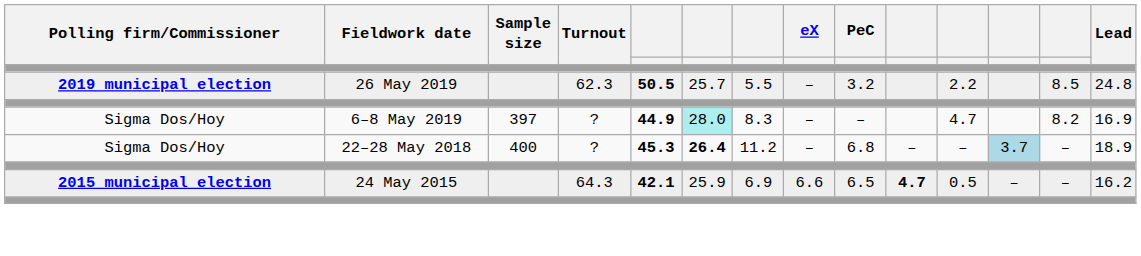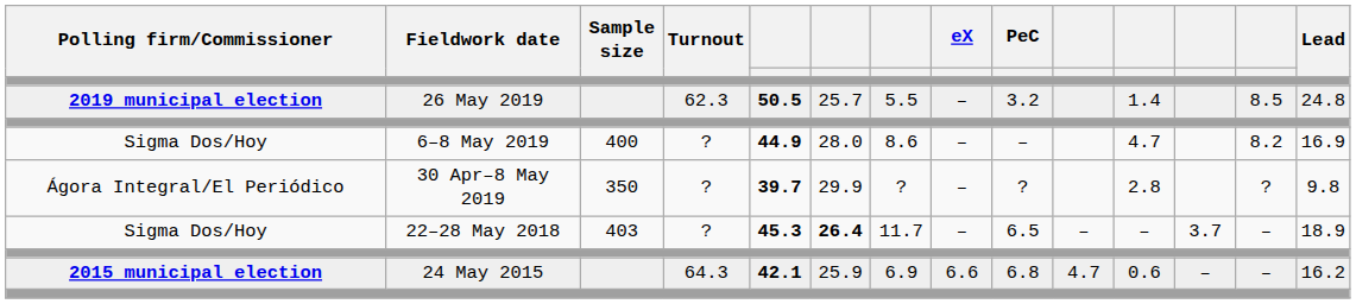 <table class="wikitable collapsible collapsed" style="text-align:center; font-size:95%; line-height:16px;">
 <tr style="height:42px;">
 <th style="width:250px;" rowspan="2">Polling firm/Commissioner</th>
 <th style="width:125px;" rowspan="2">Fieldwork date</th>
 <th style="width:50px;" rowspan="2">Sample size</th>
 <th style="width:45px;" rowspan="2">Turnout</th>
 <th style="width:35px;"></th>
 <th style="width:35px;"></th>
 <th style="width:35px;"></th>
 <th style="width:35px;"><a href='#'>eX</a></th>
 <th style="width:35px;">PeC</th>
 <th style="width:35px;"></th>
 <th style="width:35px;"></th>
 <th style="width:35px;"></th>
 <th style="width:35px;"></th>
 <th style="width:30px;" rowspan="2">Lead</th>
 </tr>
 <tr>
 <th style="color:inherit;background:"></th>
 <th style="color:inherit;background:"></th>
 <th style="color:inherit;background:"></th>
 <th style="color:inherit;background:"></th>
 <th style="color:inherit;background:"></th>
 <th style="color:inherit;background:"></th>
 <th style="color:inherit;background:"></th>
 <th style="color:inherit;background:"></th>
 <th style="color:inherit;background:"></th>
 </tr>
 <tr>
 <td colspan="14" style="background:#A0A0A0"></td>
 </tr>
 <tr style="background:#EFEFEF;">
 <td><strong><a href='#'>2019 municipal election</a></strong></td>
 <td>26 May 2019</td>
 <td></td>
 <td>62.3</td>
 <td><strong>50.5</strong><br></td>
 <td>25.7<br></td>
 <td>5.5<br></td>
 <td>–</td>
 <td>3.2<br></td>
 <td></td>
-<td>2.2<br></td>
+<td>1.4<br></td>
 <td></td>
 <td>8.5<br></td>
 <td style="background:">24.8</td>
 </tr>
 <tr>
 <td colspan="14" style="background:#A0A0A0"></td>
 </tr>
 <tr>
 <td>Sigma Dos/Hoy</td>
 <td>6–8 May 2019</td>
-<td>397</td>
+<td>400</td>
 <td>?</td>
 <td><strong>44.9</strong><br></td>
-<td style="background: paleturquoise;">28.0<br></td>
-<td>8.3<br></td>
+<td>28.0<br></td>
+<td>8.6<br></td>
 <td>–</td>
 <td>–</td>
 <td></td>
 <td>4.7<br></td>
 <td></td>
 <td>8.2<br></td>
 <td style="background:">16.9</td>
 </tr>
 <tr>
+<td>Ágora Integral/El Periódico</td>
+<td>30 Apr–8 May 2019</td>
+<td>350</td>
+<td>?</td>
+<td><strong>39.7</strong><br></td>
+<td>29.9<br></td>
+<td>?<br></td>
+<td>–</td>
+<td>?<br></td>
+<td></td>
+<td>2.8<br></td>
+<td></td>
+<td>?<br></td>
+<td style="background:">9.8</td>
+</tr>
+<tr>
 <td>Sigma Dos/Hoy</td>
 <td>22–28 May 2018</td>
-<td>400</td>
+<td>403</td>
 <td>?</td>
 <td><strong>45.3</strong><br></td>
 <td><strong>26.4<br></strong></td>
-<td>11.2<br></td>
+<td>11.7<br></td>
 <td>–</td>
-<td>6.8<br></td>
+<td>6.5<br></td>
 <td>–</td>
 <td>–</td>
-<td style="background: lightblue;">3.7<br></td>
+<td>3.7<br></td>
 <td>–</td>
 <td style="background:">18.9</td>
 </tr>
 <tr>
 <td colspan="14" style="background:#A0A0A0"></td>
 </tr>
 <tr style="background:#EFEFEF;">
 <td><strong><a href='#'>2015 municipal election</a></strong></td>
 <td>24 May 2015</td>
 <td></td>
 <td>64.3</td>
 <td><strong>42.1</strong><br></td>
 <td>25.9<br></td>
 <td>6.9<br></td>
 <td>6.6<br></td>
-<td>6.5<br></td>
-<td><strong>4.7<br></strong></td>
-<td>0.5<br></td>
+<td>6.8<br></td>
+<td>4.7<br></td>
+<td>0.6<br></td>
 <td>–</td>
 <td>–</td>
 <td style="background:">16.2</td>
 </tr>
 <tr>
 <td colspan="14" style="background:#A0A0A0"></td>
 </tr>
 </table>
